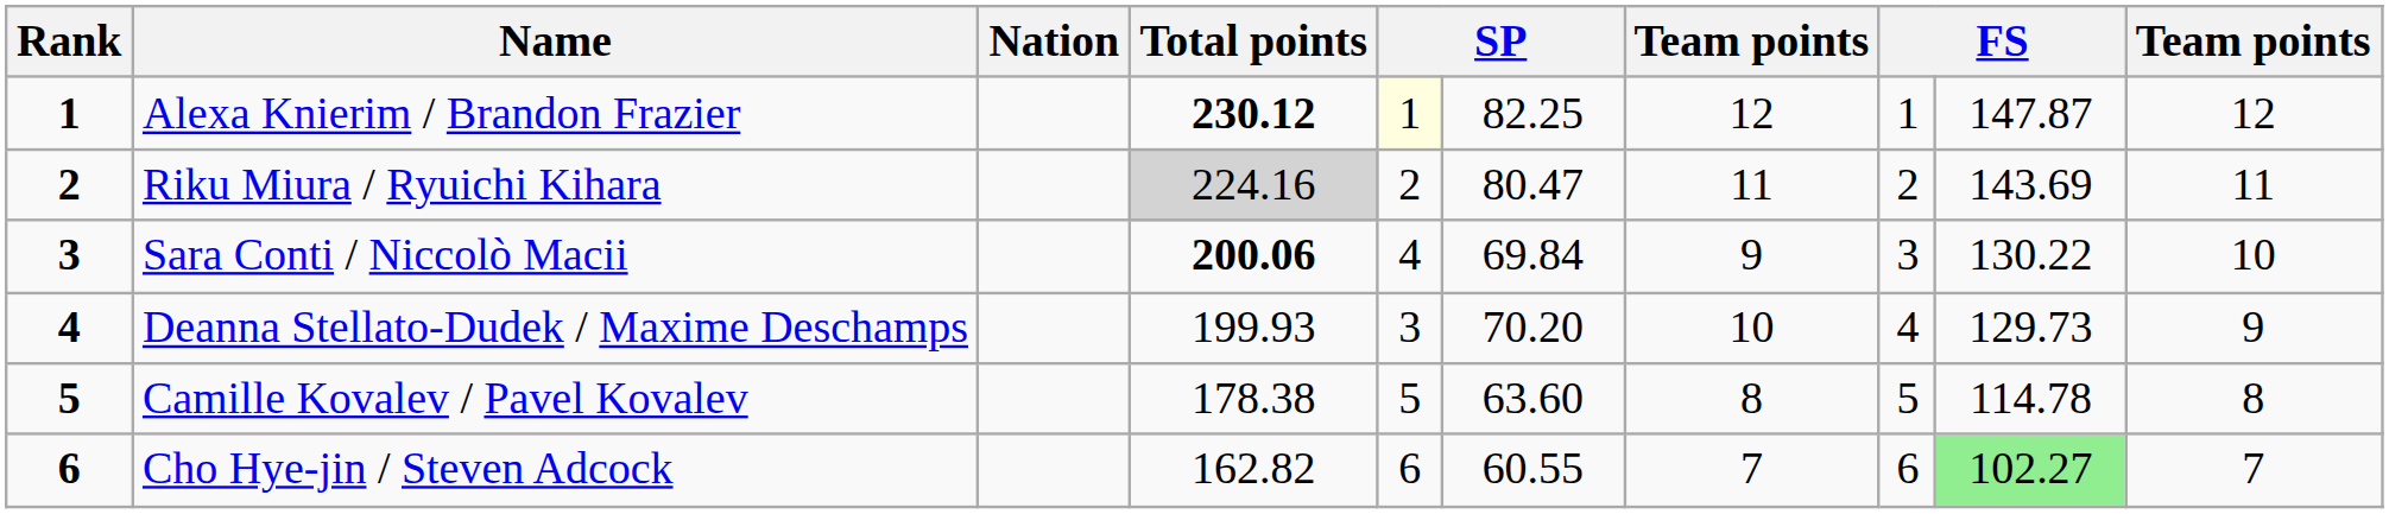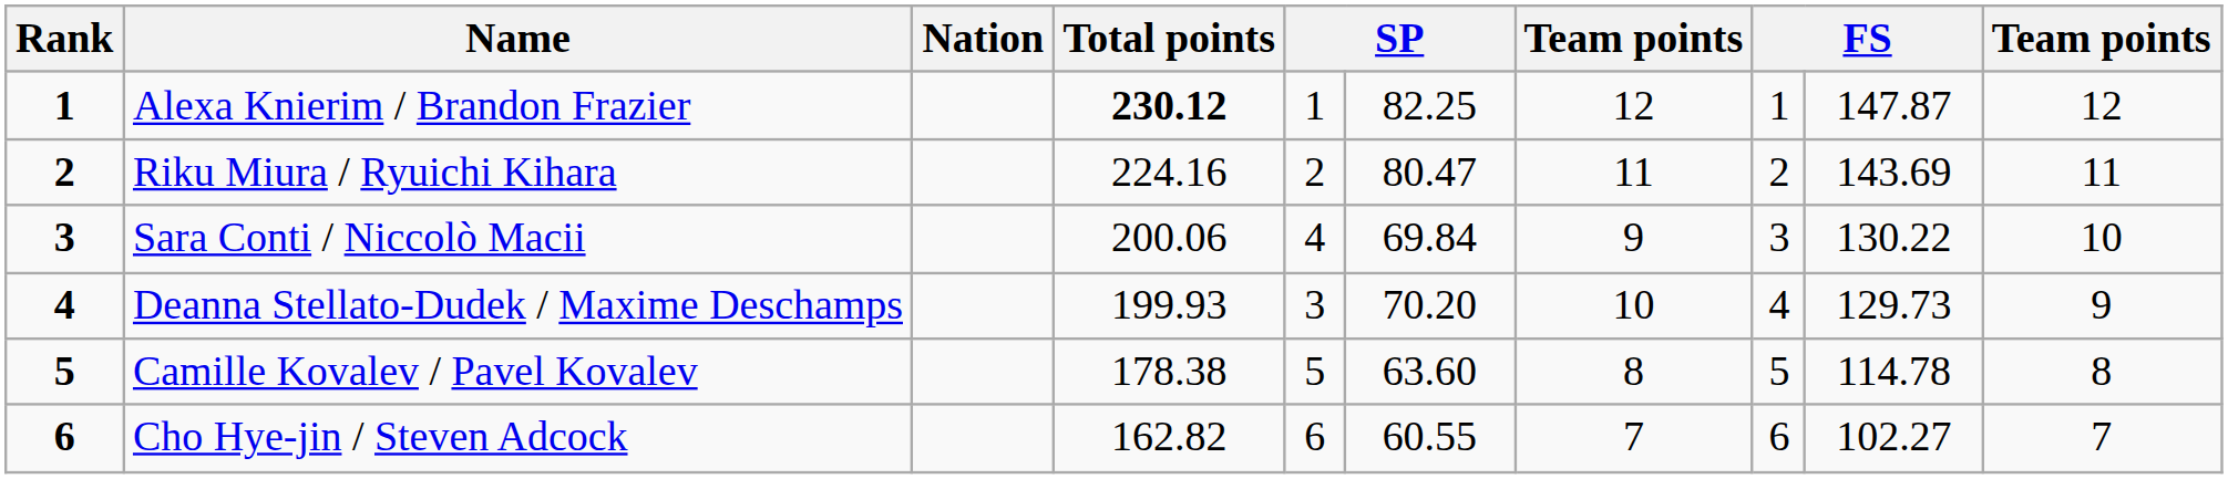 <table class="wikitable sortable">
 <tr>
 <th>Rank</th>
 <th>Name</th>
 <th>Nation</th>
 <th>Total points</th>
 <th colspan="2" width="80px"><a href='#'>SP</a></th>
 <th>Team points</th>
 <th colspan="2" width="80px"><a href='#'>FS</a></th>
 <th>Team points</th>
 </tr>
 <tr>
 <td style="text-align: center;"><strong>1</strong></td>
 <td><a href='#'>Alexa Knierim</a> / <a href='#'>Brandon Frazier</a></td>
 <td></td>
 <td style="text-align: center;"><strong>230.12</strong></td>
-<td style="background: lightyellow; text-align: center;">1</td>
+<td style="text-align: center;">1</td>
 <td style="text-align: center;">82.25</td>
 <td style="text-align: center;">12</td>
 <td style="text-align: center;">1</td>
 <td style="text-align: center;">147.87</td>
 <td style="text-align: center;">12</td>
 </tr>
 <tr>
 <td style="text-align: center;"><strong>2</strong></td>
 <td><a href='#'>Riku Miura</a> / <a href='#'>Ryuichi Kihara</a></td>
 <td></td>
-<td style="background: lightgrey; text-align: center;">224.16</td>
+<td style="text-align: center;">224.16</td>
 <td style="text-align: center;">2</td>
 <td style="text-align: center;">80.47</td>
 <td style="text-align: center;">11</td>
 <td style="text-align: center;">2</td>
 <td style="text-align: center;">143.69</td>
 <td style="text-align: center;">11</td>
 </tr>
 <tr>
 <td style="text-align: center;"><strong>3</strong></td>
 <td><a href='#'>Sara Conti</a> / <a href='#'>Niccolò Macii</a></td>
 <td></td>
-<td style="text-align: center;"><strong>200.06</strong></td>
+<td style="text-align: center;">200.06</td>
 <td style="text-align: center;">4</td>
 <td style="text-align: center;">69.84</td>
 <td style="text-align: center;">9</td>
 <td style="text-align: center;">3</td>
 <td style="text-align: center;">130.22</td>
 <td style="text-align: center;">10</td>
 </tr>
 <tr>
 <td style="text-align: center;"><strong>4</strong></td>
 <td><a href='#'>Deanna Stellato-Dudek</a> / <a href='#'>Maxime Deschamps</a></td>
 <td></td>
 <td style="text-align: center;">199.93</td>
 <td style="text-align: center;">3</td>
 <td style="text-align: center;">70.20</td>
 <td style="text-align: center;">10</td>
 <td style="text-align: center;">4</td>
 <td style="text-align: center;">129.73</td>
 <td style="text-align: center;">9</td>
 </tr>
 <tr>
 <td style="text-align: center;"><strong>5</strong></td>
 <td><a href='#'>Camille Kovalev</a> / <a href='#'>Pavel Kovalev</a></td>
 <td></td>
 <td style="text-align: center;">178.38</td>
 <td style="text-align: center;">5</td>
 <td style="text-align: center;">63.60</td>
 <td style="text-align: center;">8</td>
 <td style="text-align: center;">5</td>
 <td style="text-align: center;">114.78</td>
 <td style="text-align: center;">8</td>
 </tr>
 <tr>
 <td style="text-align: center;"><strong>6</strong></td>
 <td><a href='#'>Cho Hye-jin</a> / <a href='#'>Steven Adcock</a></td>
 <td></td>
 <td style="text-align: center;">162.82</td>
 <td style="text-align: center;">6</td>
 <td style="text-align: center;">60.55</td>
 <td style="text-align: center;">7</td>
 <td style="text-align: center;">6</td>
-<td style="background: lightgreen; text-align: center;">102.27</td>
+<td style="text-align: center;">102.27</td>
 <td style="text-align: center;">7</td>
 </tr>
 </table>
